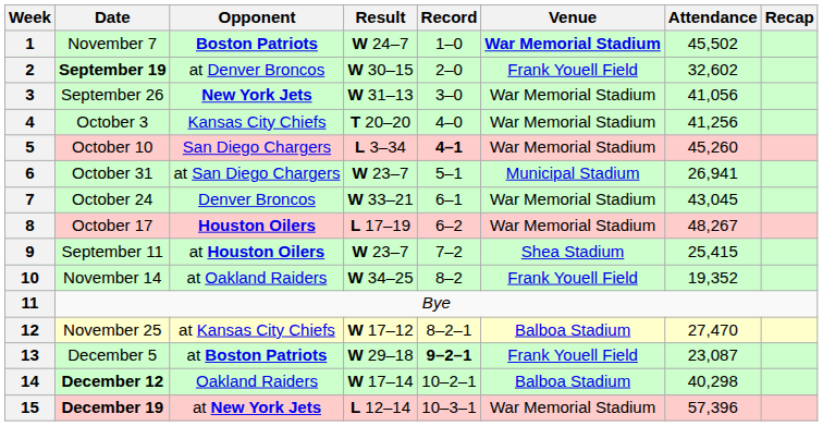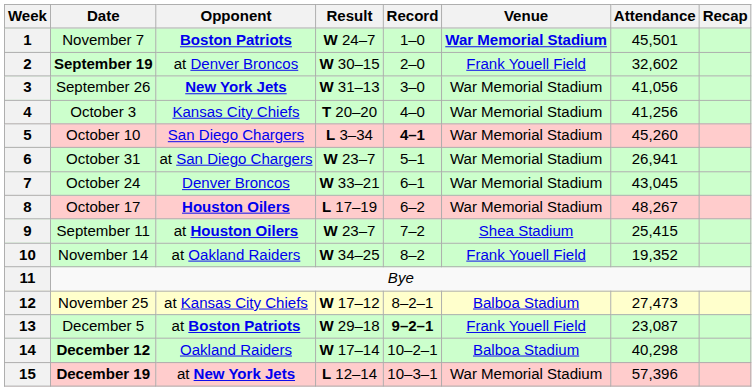 <table class="wikitable" style="text-align:center">
 <tr>
 <th>Week</th>
 <th>Date</th>
 <th>Opponent</th>
 <th>Result</th>
 <th>Record</th>
 <th>Venue</th>
 <th>Attendance</th>
 <th>Recap</th>
 </tr>
 <tr style="background:#cfc">
 <th>1</th>
 <td>November 7</td>
 <td><strong><a href='#'>Boston Patriots</a></strong></td>
 <td><strong>W</strong> 24–7</td>
 <td>1–0</td>
 <td><strong><a href='#'>War Memorial Stadium</a></strong></td>
-<td>45,502</td>
+<td>45,501</td>
 <td></td>
 </tr>
 <tr style="background:#cfc">
 <th>2</th>
 <td><strong>September 19</strong></td>
 <td>at <a href='#'>Denver Broncos</a></td>
 <td><strong>W</strong> 30–15</td>
 <td>2–0</td>
 <td><a href='#'>Frank Youell Field</a></td>
 <td>32,602</td>
 <td></td>
 </tr>
 <tr style="background:#cfc">
 <th>3</th>
 <td>September 26</td>
 <td><strong><a href='#'>New York Jets</a></strong></td>
 <td><strong>W</strong> 31–13</td>
 <td>3–0</td>
 <td>War Memorial Stadium</td>
 <td>41,056</td>
 <td></td>
 </tr>
 <tr style="background:#cfc">
 <th>4</th>
 <td>October 3</td>
 <td><a href='#'>Kansas City Chiefs</a></td>
 <td><strong>T</strong> 20–20</td>
 <td>4–0</td>
 <td>War Memorial Stadium</td>
 <td>41,256</td>
 <td></td>
 </tr>
 <tr style="background:#fcc">
 <th>5</th>
 <td>October 10</td>
 <td><a href='#'>San Diego Chargers</a></td>
 <td><strong>L</strong> 3–34</td>
 <td><strong>4–1</strong></td>
 <td>War Memorial Stadium</td>
 <td>45,260</td>
 <td></td>
 </tr>
 <tr style="background:#cfc">
 <th>6</th>
 <td>October 31</td>
 <td>at <a href='#'>San Diego Chargers</a></td>
 <td><strong>W</strong> 23–7</td>
 <td>5–1</td>
-<td><a href='#'>Municipal Stadium</a></td>
+<td>War Memorial Stadium</td>
 <td>26,941</td>
 <td></td>
 </tr>
 <tr style="background:#cfc">
 <th>7</th>
 <td>October 24</td>
 <td><a href='#'>Denver Broncos</a></td>
 <td><strong>W</strong> 33–21</td>
 <td>6–1</td>
 <td>War Memorial Stadium</td>
 <td>43,045</td>
 <td></td>
 </tr>
 <tr style="background:#fcc">
 <th>8</th>
 <td>October 17</td>
 <td><strong><a href='#'>Houston Oilers</a></strong></td>
 <td><strong>L</strong> 17–19</td>
 <td>6–2</td>
 <td>War Memorial Stadium</td>
 <td>48,267</td>
 <td></td>
 </tr>
 <tr style="background:#cfc">
 <th>9</th>
 <td>September 11</td>
 <td>at <strong><a href='#'>Houston Oilers</a></strong></td>
 <td><strong>W</strong> 23–7</td>
 <td>7–2</td>
 <td><a href='#'>Shea Stadium</a></td>
 <td>25,415</td>
 <td></td>
 </tr>
 <tr style="background:#cfc">
 <th>10</th>
 <td>November 14</td>
 <td>at <a href='#'>Oakland Raiders</a></td>
 <td><strong>W</strong> 34–25</td>
 <td>8–2</td>
 <td><a href='#'>Frank Youell Field</a></td>
 <td>19,352</td>
 <td></td>
 </tr>
 <tr>
 <th>11</th>
 <td colspan="7" align="center"><em>Bye</em></td>
 </tr>
 <tr style="background:#ffc">
 <th>12</th>
 <td>November 25</td>
 <td>at <a href='#'>Kansas City Chiefs</a></td>
 <td><strong>W</strong> 17–12</td>
 <td>8–2–1</td>
 <td><a href='#'>Balboa Stadium</a></td>
-<td>27,470</td>
+<td>27,473</td>
 <td></td>
 </tr>
 <tr style="background:#cfc">
 <th>13</th>
 <td>December 5</td>
 <td>at <strong><a href='#'>Boston Patriots</a></strong></td>
 <td><strong>W</strong> 29–18</td>
 <td><strong>9–2–1</strong></td>
 <td><a href='#'>Frank Youell Field</a></td>
 <td>23,087</td>
 <td></td>
 </tr>
 <tr style="background:#cfc">
 <th>14</th>
 <td><strong>December 12</strong></td>
 <td><a href='#'>Oakland Raiders</a></td>
 <td><strong>W</strong> 17–14</td>
 <td>10–2–1</td>
 <td><a href='#'>Balboa Stadium</a></td>
 <td>40,298</td>
 <td></td>
 </tr>
 <tr style="background:#fcc">
 <th>15</th>
 <td><strong>December 19</strong></td>
 <td>at <strong><a href='#'>New York Jets</a></strong></td>
 <td><strong>L</strong> 12–14</td>
 <td>10–3–1</td>
 <td>War Memorial Stadium</td>
 <td>57,396</td>
 <td></td>
 </tr>
 </table>
